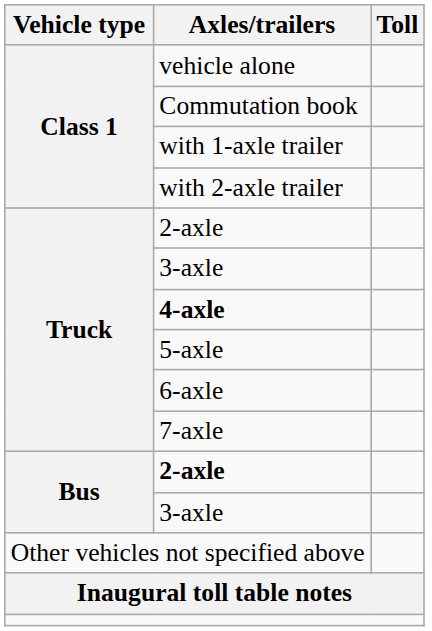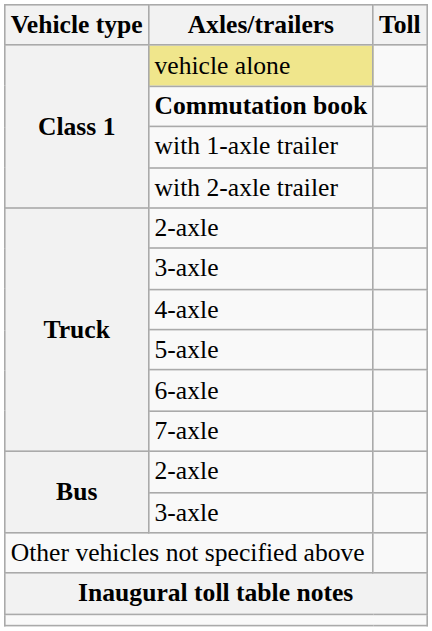 <table class="wikitable">
 <tr>
 <th scope="col">Vehicle type</th>
 <th scope="col">Axles/trailers</th>
 <th scope="col">Toll</th>
 </tr>
 <tr>
 <th rowspan=4>Class 1</th>
-<td>vehicle alone</td>
+<td style="background: khaki;">vehicle alone</td>
 <td></td>
 </tr>
 <tr>
-<td>Commutation book</td>
+<td><strong>Commutation book</strong></td>
 <td></td>
 </tr>
 <tr>
 <td>with 1-axle trailer</td>
 <td></td>
 </tr>
 <tr>
 <td>with 2-axle trailer</td>
 <td></td>
 </tr>
 <tr>
 <th rowspan=6>Truck</th>
 <td>2-axle</td>
 <td></td>
 </tr>
 <tr>
 <td>3-axle</td>
 <td></td>
 </tr>
 <tr>
-<td><strong>4-axle</strong></td>
+<td>4-axle</td>
 <td></td>
 </tr>
 <tr>
 <td>5-axle</td>
 <td></td>
 </tr>
 <tr>
 <td>6-axle</td>
 <td></td>
 </tr>
 <tr>
 <td>7-axle</td>
 <td></td>
 </tr>
 <tr>
 <th rowspan=2>Bus</th>
-<td><strong>2-axle</strong></td>
+<td>2-axle</td>
 <td></td>
 </tr>
 <tr>
 <td>3-axle</td>
 <td></td>
 </tr>
 <tr>
 <td colspan=2>Other vehicles not specified above</td>
 <td></td>
 </tr>
 <tr>
 <th colspan="3" align=center>Inaugural toll table notes</th>
 </tr>
 <tr>
 <td colspan="3"></td>
 </tr>
 </table>
